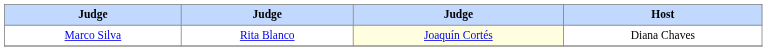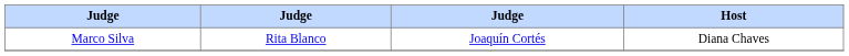 <table border="1" cellpadding="4" cellspacing="0" style="text-align:center; font-size:90%; border-collapse:collapse; width:75%">
 <tr style="background:#C1D8FF;">
 <th width>Judge</th>
 <th width>Judge</th>
 <th width>Judge</th>
 <th width>Host</th>
 </tr>
 <tr>
 <td><a href='#'>Marco Silva</a></td>
 <td><a href='#'>Rita Blanco</a></td>
-<td style="background: lightyellow;"><a href='#'>Joaquín Cortés</a></td>
+<td><a href='#'>Joaquín Cortés</a></td>
 <td>Diana Chaves</td>
 </tr>
 <tr>
 </tr>
 </table>
